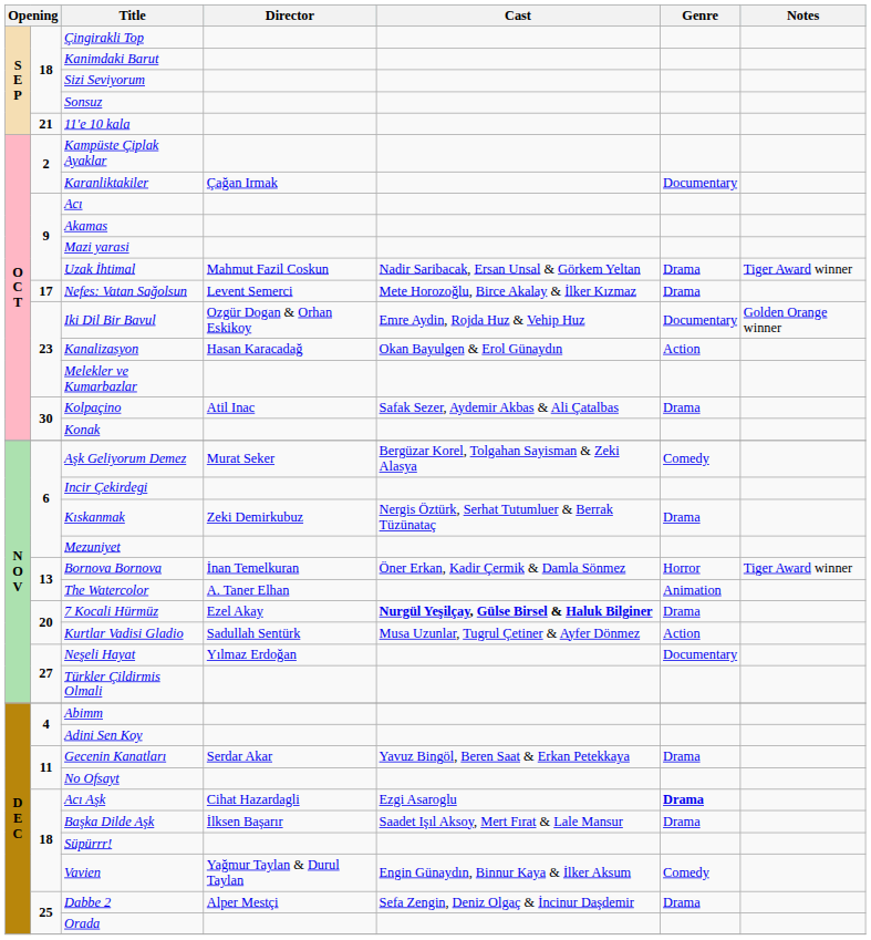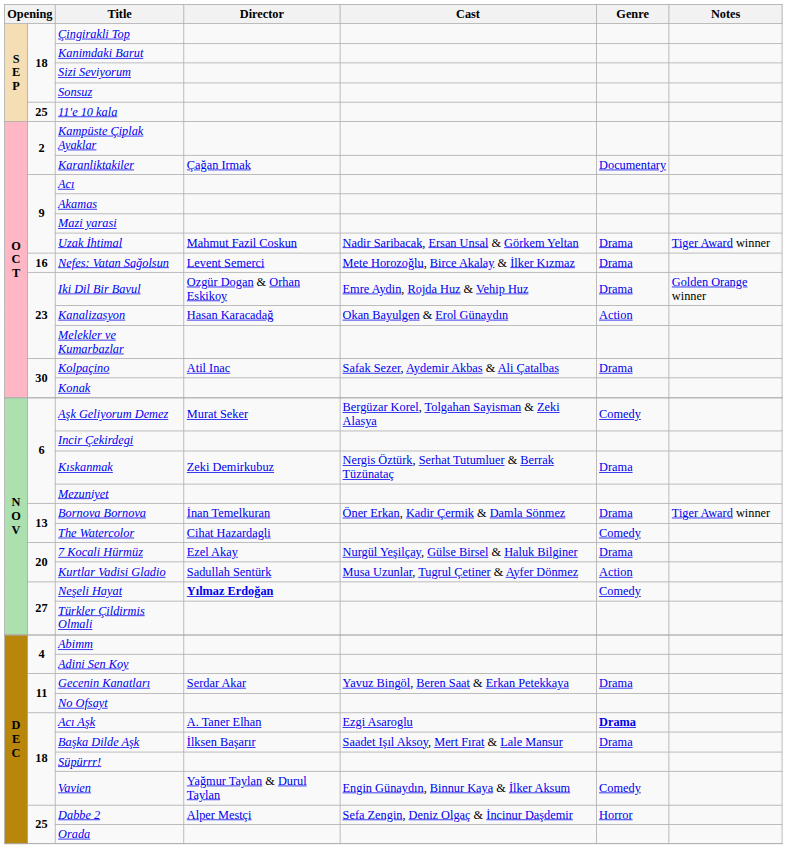 <table class="wikitable sortable" width="80%">
 <tr bgcolor="#B0E0E6" align="center">
 <th colspan="2"><strong>Opening</strong></th>
 <th><strong>Title</strong></th>
 <th><strong>Director</strong></th>
 <th><strong>Cast</strong></th>
 <th><strong>Genre</strong></th>
 <th><strong>Notes</strong></th>
 </tr>
 <tr September!>
 <td rowspan="5" valign="center" align="center" style="background:#F5DEB3; textcolor:#000;"><strong>S<br>E<br>P</strong></td>
 <td rowspan="4" align="center"><strong>18</strong></td>
 <td><em><a href='#'>Çingirakli Top</a></em></td>
 <td></td>
 <td></td>
 <td></td>
 <td></td>
 </tr>
 <tr>
 <td><em><a href='#'>Kanimdaki Barut</a></em></td>
 <td></td>
 <td></td>
 <td></td>
 <td></td>
 </tr>
 <tr>
 <td><em><a href='#'>Sizi Seviyorum</a></em></td>
 <td></td>
 <td></td>
 <td></td>
 <td></td>
 </tr>
 <tr>
 <td><em><a href='#'>Sonsuz</a></em></td>
 <td></td>
 <td></td>
 <td></td>
 <td></td>
 </tr>
 <tr>
-<td rowspan="1" align="center"><strong>21</strong></td>
+<td rowspan="1" align="center"><strong>25</strong></td>
 <td><em><a href='#'>11'e 10 kala</a></em></td>
 <td></td>
 <td></td>
 <td></td>
 <td></td>
 </tr>
 <tr October!>
 <td rowspan="12" valign="center" align="center" style="background:#FFB7C5;"><strong>O<br>C<br>T</strong></td>
 <td rowspan="2" align="center"><strong>2</strong></td>
 <td><em><a href='#'>Kampüste Çiplak Ayaklar</a></em></td>
 <td></td>
 <td></td>
 <td></td>
 <td></td>
 </tr>
 <tr>
 <td><em><a href='#'>Karanliktakiler</a></em></td>
 <td><a href='#'>Çağan Irmak</a></td>
 <td></td>
 <td><a href='#'>Documentary</a></td>
 <td></td>
 </tr>
 <tr>
 <td rowspan="4" align="center"><strong>9</strong></td>
 <td><em><a href='#'>Acı</a></em></td>
 <td></td>
 <td></td>
 <td></td>
 <td></td>
 </tr>
 <tr>
 <td><em><a href='#'>Akamas</a></em></td>
 <td></td>
 <td></td>
 <td></td>
 <td></td>
 </tr>
 <tr>
 <td><em><a href='#'>Mazi yarasi</a></em></td>
 <td></td>
 <td></td>
 <td></td>
 <td></td>
 </tr>
 <tr>
 <td><em><a href='#'>Uzak İhtimal</a></em></td>
 <td><a href='#'>Mahmut Fazil Coskun</a></td>
 <td><a href='#'>Nadir Saribacak</a>, <a href='#'>Ersan Unsal</a> & <a href='#'>Görkem Yeltan</a></td>
 <td><a href='#'>Drama</a></td>
 <td><a href='#'>Tiger Award</a> winner</td>
 </tr>
 <tr>
-<td rowspan="1" align="center"><strong>17</strong></td>
+<td rowspan="1" align="center"><strong>16</strong></td>
 <td><em><a href='#'>Nefes: Vatan Sağolsun</a></em></td>
 <td><a href='#'>Levent Semerci</a></td>
 <td><a href='#'>Mete Horozoğlu</a>, <a href='#'>Birce Akalay</a> & <a href='#'>İlker Kızmaz</a></td>
 <td><a href='#'>Drama</a></td>
 <td></td>
 </tr>
 <tr>
 <td rowspan="3" align="center"><strong>23</strong></td>
 <td><em><a href='#'>Iki Dil Bir Bavul</a></em></td>
 <td><a href='#'>Ozgür Dogan</a> & <a href='#'>Orhan Eskikoy</a></td>
 <td><a href='#'>Emre Aydin</a>, <a href='#'>Rojda Huz</a> & <a href='#'>Vehip Huz</a></td>
-<td><a href='#'>Documentary</a></td>
+<td><a href='#'>Drama</a></td>
 <td><a href='#'>Golden Orange</a> winner</td>
 </tr>
 <tr>
 <td><em><a href='#'>Kanalizasyon</a></em></td>
 <td><a href='#'>Hasan Karacadağ</a></td>
 <td><a href='#'>Okan Bayulgen</a> & <a href='#'>Erol Günaydın</a></td>
 <td><a href='#'>Action</a></td>
 <td></td>
 </tr>
 <tr>
 <td><em><a href='#'>Melekler ve Kumarbazlar</a></em></td>
 <td></td>
 <td></td>
 <td></td>
 <td></td>
 </tr>
 <tr>
 <td rowspan="2" align="center"><strong>30</strong></td>
 <td><em><a href='#'>Kolpaçino</a></em></td>
 <td><a href='#'>Atil Inac</a></td>
 <td><a href='#'>Safak Sezer</a>, <a href='#'>Aydemir Akbas</a> & <a href='#'>Ali Çatalbas</a></td>
 <td><a href='#'>Drama</a></td>
 <td></td>
 </tr>
 <tr>
 <td><em><a href='#'>Konak</a></em></td>
 <td></td>
 <td></td>
 <td></td>
 <td></td>
 </tr>
 <tr>
 </tr>
 <tr November!>
 <td rowspan="10" valign="center" align="center" style="background:#ACE1AF;"><strong>N<br>O<br>V</strong></td>
 <td rowspan="4" align="center"><strong>6</strong></td>
 <td><em><a href='#'>Aşk Geliyorum Demez</a></em></td>
 <td><a href='#'>Murat Seker</a></td>
 <td><a href='#'>Bergüzar Korel</a>, <a href='#'>Tolgahan Sayisman</a> & <a href='#'>Zeki Alasya</a></td>
 <td><a href='#'>Comedy</a></td>
 <td></td>
 </tr>
 <tr>
 <td><em><a href='#'>Incir Çekirdegi</a></em></td>
 <td></td>
 <td></td>
 <td></td>
 <td></td>
 </tr>
 <tr>
 <td><em><a href='#'>Kıskanmak</a></em></td>
 <td><a href='#'>Zeki Demirkubuz</a></td>
 <td><a href='#'>Nergis Öztürk</a>, <a href='#'>Serhat Tutumluer</a> & <a href='#'>Berrak Tüzünataç</a></td>
 <td><a href='#'>Drama</a></td>
 <td></td>
 </tr>
 <tr>
 <td><em><a href='#'>Mezuniyet</a></em></td>
 <td></td>
 <td></td>
 <td></td>
 <td></td>
 </tr>
 <tr>
 <td rowspan="2" align="center"><strong>13</strong></td>
 <td><em><a href='#'>Bornova Bornova</a></em></td>
 <td><a href='#'>İnan Temelkuran</a></td>
 <td><a href='#'>Öner Erkan</a>, <a href='#'>Kadir Çermik</a> & <a href='#'>Damla Sönmez</a></td>
-<td><a href='#'>Horror</a></td>
+<td><a href='#'>Drama</a></td>
 <td><a href='#'>Tiger Award</a> winner</td>
 </tr>
 <tr>
 <td><em><a href='#'>The Watercolor</a></em></td>
-<td><a href='#'>A. Taner Elhan</a></td>
+<td><a href='#'>Cihat Hazardagli</a></td>
 <td></td>
-<td><a href='#'>Animation</a></td>
+<td><a href='#'>Comedy</a></td>
 <td></td>
 </tr>
 <tr>
 <td rowspan="2" align="center"><strong>20</strong></td>
 <td><em><a href='#'>7 Kocali Hürmüz</a></em></td>
 <td><a href='#'>Ezel Akay</a></td>
-<td><strong><a href='#'>Nurgül Yeşilçay</a>, <a href='#'>Gülse Birsel</a> & <a href='#'>Haluk Bilginer</a></strong></td>
+<td><a href='#'>Nurgül Yeşilçay</a>, <a href='#'>Gülse Birsel</a> & <a href='#'>Haluk Bilginer</a></td>
 <td><a href='#'>Drama</a></td>
 <td></td>
 </tr>
 <tr>
 <td><em><a href='#'>Kurtlar Vadisi Gladio</a></em></td>
 <td><a href='#'>Sadullah Sentürk</a></td>
 <td><a href='#'>Musa Uzunlar</a>, <a href='#'>Tugrul Çetiner</a> & <a href='#'>Ayfer Dönmez</a></td>
 <td><a href='#'>Action</a></td>
 <td></td>
 </tr>
 <tr>
 <td rowspan="2" align="center"><strong>27</strong></td>
 <td><em><a href='#'>Neşeli Hayat</a></em></td>
-<td><a href='#'>Yılmaz Erdoğan</a></td>
+<td><strong><a href='#'>Yılmaz Erdoğan</a></strong></td>
 <td></td>
-<td><a href='#'>Documentary</a></td>
+<td><a href='#'>Comedy</a></td>
 <td></td>
 </tr>
 <tr>
 <td><em><a href='#'>Türkler Çildirmis Olmali</a></em></td>
 <td></td>
 <td></td>
 <td></td>
 <td></td>
 </tr>
 <tr>
 </tr>
 <tr December!>
 <td rowspan="10" valign="center" align="center" style="background:#B8860B;"><strong>D<br>E<br>C</strong></td>
 <td rowspan="2" align="center"><strong>4</strong></td>
 <td><em><a href='#'>Abimm</a></em></td>
 <td></td>
 <td></td>
 <td></td>
 <td></td>
 </tr>
 <tr>
 <td><em><a href='#'>Adini Sen Koy</a></em></td>
 <td></td>
 <td></td>
 <td></td>
 <td></td>
 </tr>
 <tr>
 <td rowspan="2" align="center"><strong>11</strong></td>
 <td><em><a href='#'>Gecenin Kanatları</a></em></td>
 <td><a href='#'>Serdar Akar</a></td>
 <td><a href='#'>Yavuz Bingöl</a>, <a href='#'>Beren Saat</a> & <a href='#'>Erkan Petekkaya</a></td>
 <td><a href='#'>Drama</a></td>
 <td></td>
 </tr>
 <tr>
 <td><em><a href='#'>No Ofsayt</a></em></td>
 <td></td>
 <td></td>
 <td></td>
 <td></td>
 </tr>
 <tr>
 <td rowspan="4" align="center"><strong>18</strong></td>
 <td><em><a href='#'>Acı Aşk</a></em></td>
-<td><a href='#'>Cihat Hazardagli</a></td>
+<td><a href='#'>A. Taner Elhan</a></td>
 <td><a href='#'>Ezgi Asaroglu</a></td>
 <td><strong><a href='#'>Drama</a></strong></td>
 <td></td>
 </tr>
 <tr>
 <td><em><a href='#'>Başka Dilde Aşk</a></em></td>
 <td><a href='#'>İlksen Başarır</a></td>
 <td><a href='#'>Saadet Işıl Aksoy</a>, <a href='#'>Mert Fırat</a> & <a href='#'>Lale Mansur</a></td>
 <td><a href='#'>Drama</a></td>
 <td></td>
 </tr>
 <tr>
 <td><em><a href='#'>Süpürrr!</a></em></td>
 <td></td>
 <td></td>
 <td></td>
 <td></td>
 </tr>
 <tr>
 <td><em><a href='#'>Vavien</a></em></td>
 <td><a href='#'>Yağmur Taylan</a> & <a href='#'>Durul Taylan</a></td>
 <td><a href='#'>Engin Günaydın</a>, <a href='#'>Binnur Kaya</a> & <a href='#'>İlker Aksum</a></td>
 <td><a href='#'>Comedy</a></td>
 <td></td>
 </tr>
 <tr>
 <td rowspan="2" align="center"><strong>25</strong></td>
 <td><em><a href='#'>Dabbe 2</a></em></td>
 <td><a href='#'>Alper Mestçi</a></td>
 <td><a href='#'>Sefa Zengin</a>, <a href='#'>Deniz Olgaç</a> & <a href='#'>İncinur Daşdemir</a></td>
-<td><a href='#'>Drama</a></td>
+<td><a href='#'>Horror</a></td>
 <td></td>
 </tr>
 <tr>
 <td><em><a href='#'>Orada</a></em></td>
 <td></td>
 <td></td>
 <td></td>
 <td></td>
 </tr>
 <tr>
 </tr>
 </table>
